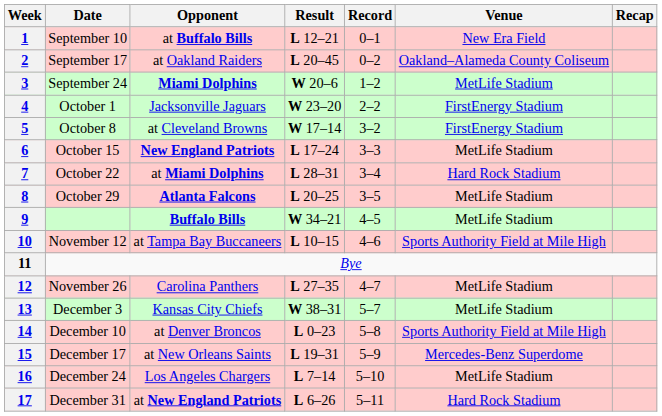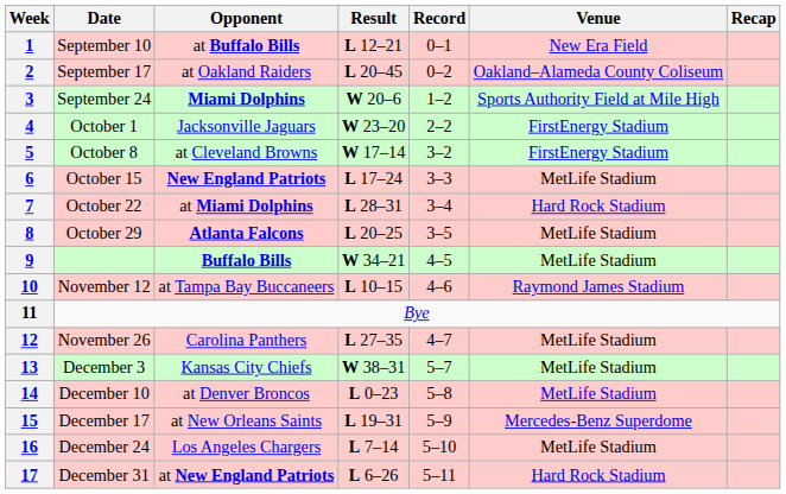 <table class="wikitable" style="text-align:center">
 <tr>
 <th>Week</th>
 <th>Date</th>
 <th>Opponent</th>
 <th>Result</th>
 <th>Record</th>
 <th>Venue</th>
 <th>Recap</th>
 </tr>
 <tr style="background:#fcc">
 <th><a href='#'>1</a></th>
 <td>September 10</td>
 <td>at <strong><a href='#'>Buffalo Bills</a></strong></td>
 <td><strong>L</strong> 12–21</td>
 <td>0–1</td>
 <td><a href='#'>New Era Field</a></td>
 <td></td>
 </tr>
 <tr style="background:#fcc">
 <th><a href='#'>2</a></th>
 <td>September 17</td>
 <td>at <a href='#'>Oakland Raiders</a></td>
 <td><strong>L</strong> 20–45</td>
 <td>0–2</td>
 <td><a href='#'>Oakland–Alameda County Coliseum</a></td>
 <td></td>
 </tr>
 <tr style="background:#cfc">
 <th><a href='#'>3</a></th>
 <td>September 24</td>
 <td><strong><a href='#'>Miami Dolphins</a></strong></td>
 <td><strong>W</strong> 20–6</td>
 <td>1–2</td>
-<td><a href='#'>MetLife Stadium</a></td>
+<td><a href='#'>Sports Authority Field at Mile High</a></td>
 <td></td>
 </tr>
 <tr style="background:#cfc">
 <th><a href='#'>4</a></th>
 <td>October 1</td>
 <td><a href='#'>Jacksonville Jaguars</a></td>
 <td><strong>W</strong> 23–20 </td>
 <td>2–2</td>
 <td><a href='#'>FirstEnergy Stadium</a></td>
 <td></td>
 </tr>
 <tr style="background:#cfc">
 <th><a href='#'>5</a></th>
 <td>October 8</td>
 <td>at <a href='#'>Cleveland Browns</a></td>
 <td><strong>W</strong> 17–14</td>
 <td>3–2</td>
 <td><a href='#'>FirstEnergy Stadium</a></td>
 <td></td>
 </tr>
 <tr style="background:#fcc">
 <th><a href='#'>6</a></th>
 <td>October 15</td>
 <td><strong><a href='#'>New England Patriots</a></strong></td>
 <td><strong>L</strong> 17–24</td>
 <td>3–3</td>
 <td>MetLife Stadium</td>
 <td></td>
 </tr>
 <tr style="background:#fcc">
 <th><a href='#'>7</a></th>
 <td>October 22</td>
 <td>at <strong><a href='#'>Miami Dolphins</a></strong></td>
 <td><strong>L</strong> 28–31</td>
 <td>3–4</td>
 <td><a href='#'>Hard Rock Stadium</a></td>
 <td></td>
 </tr>
 <tr style="background:#fcc">
 <th><a href='#'>8</a></th>
 <td>October 29</td>
 <td><strong><a href='#'>Atlanta Falcons</a></strong></td>
 <td><strong>L</strong> 20–25</td>
 <td>3–5</td>
 <td>MetLife Stadium</td>
 <td></td>
 </tr>
 <tr style="background:#cfc">
 <th><a href='#'>9</a></th>
 <td></td>
 <td><strong><a href='#'>Buffalo Bills</a></strong></td>
 <td><strong>W</strong> 34–21</td>
 <td>4–5</td>
 <td>MetLife Stadium</td>
 <td></td>
 </tr>
 <tr style="background:#fcc">
 <th><a href='#'>10</a></th>
 <td>November 12</td>
 <td>at <a href='#'>Tampa Bay Buccaneers</a></td>
 <td><strong>L</strong> 10–15</td>
 <td>4–6</td>
-<td><a href='#'>Sports Authority Field at Mile High</a></td>
+<td><a href='#'>Raymond James Stadium</a></td>
 <td></td>
 </tr>
 <tr>
 <th>11</th>
 <td colspan=6><em><a href='#'>Bye</a></em></td>
 </tr>
 <tr style="background:#fcc">
 <th><a href='#'>12</a></th>
 <td>November 26</td>
 <td><a href='#'>Carolina Panthers</a></td>
 <td><strong>L</strong> 27–35</td>
 <td>4–7</td>
 <td>MetLife Stadium</td>
 <td></td>
 </tr>
 <tr style="background:#cfc">
 <th><a href='#'>13</a></th>
 <td>December 3</td>
 <td><a href='#'>Kansas City Chiefs</a></td>
 <td><strong>W</strong> 38–31</td>
 <td>5–7</td>
 <td>MetLife Stadium</td>
 <td></td>
 </tr>
 <tr style="background:#fcc">
 <th><a href='#'>14</a></th>
 <td>December 10</td>
 <td>at <a href='#'>Denver Broncos</a></td>
 <td><strong>L</strong> 0–23</td>
 <td>5–8</td>
-<td><a href='#'>Sports Authority Field at Mile High</a></td>
+<td><a href='#'>MetLife Stadium</a></td>
 <td></td>
 </tr>
 <tr style="background:#fcc">
 <th><a href='#'>15</a></th>
 <td>December 17</td>
 <td>at <a href='#'>New Orleans Saints</a></td>
 <td><strong>L</strong> 19–31</td>
 <td>5–9</td>
 <td><a href='#'>Mercedes-Benz Superdome</a></td>
 <td></td>
 </tr>
 <tr style="background:#fcc">
 <th><a href='#'>16</a></th>
 <td>December 24</td>
 <td><a href='#'>Los Angeles Chargers</a></td>
 <td><strong>L</strong> 7–14</td>
 <td>5–10</td>
 <td>MetLife Stadium</td>
 <td></td>
 </tr>
 <tr style="background:#fcc">
 <th><a href='#'>17</a></th>
 <td>December 31</td>
 <td>at <strong><a href='#'>New England Patriots</a></strong></td>
 <td><strong>L</strong> 6–26</td>
 <td>5–11</td>
 <td><a href='#'>Hard Rock Stadium</a></td>
 <td></td>
 </tr>
 </table>
